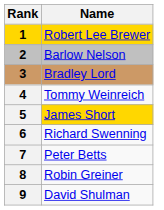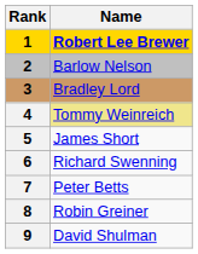 <table class="wikitable">
 <tr>
 <th>Rank</th>
 <th>Name</th>
 </tr>
 <tr bgcolor="gold">
 <td align="center"><strong>1</strong></td>
-<td><a href='#'>Robert Lee Brewer</a></td>
+<td><strong><a href='#'>Robert Lee Brewer</a></strong></td>
 </tr>
 <tr bgcolor="silver">
 <td align="center"><strong>2</strong></td>
 <td><a href='#'>Barlow Nelson</a></td>
 </tr>
 <tr bgcolor="cc9966">
 <td align="center"><strong>3</strong></td>
 <td><a href='#'>Bradley Lord</a></td>
 </tr>
 <tr>
 <th>4</th>
-<td><a href='#'>Tommy Weinreich</a></td>
+<td style="background: khaki;"><a href='#'>Tommy Weinreich</a></td>
 </tr>
 <tr>
 <th>5</th>
-<td style="background: gold;"><a href='#'>James Short</a></td>
+<td><a href='#'>James Short</a></td>
 </tr>
 <tr>
 <th>6</th>
 <td><a href='#'>Richard Swenning</a></td>
 </tr>
 <tr>
 <th>7</th>
 <td><a href='#'>Peter Betts</a></td>
 </tr>
 <tr>
 <th>8</th>
 <td><a href='#'>Robin Greiner</a></td>
 </tr>
 <tr>
 <th>9</th>
 <td><a href='#'>David Shulman</a></td>
 </tr>
 </table>
